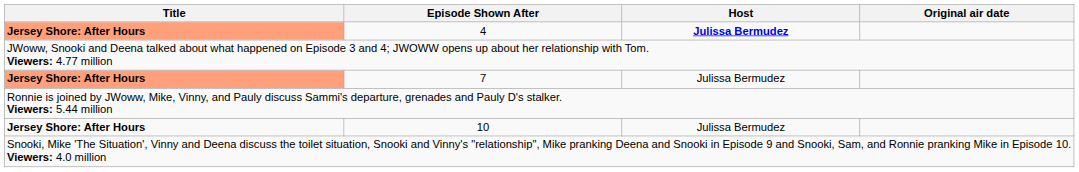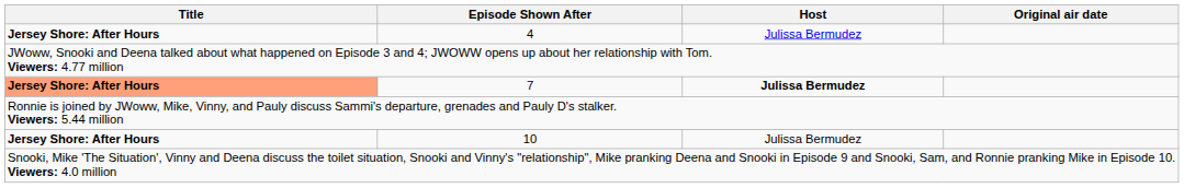 <table class="wikitable">
 <tr>
 <th>Title</th>
 <th>Episode Shown After</th>
 <th>Host</th>
 <th>Original air date</th>
 </tr>
 <tr>
-<td style="background: lightsalmon;"><strong>Jersey Shore: After Hours</strong></td>
+<td><strong>Jersey Shore: After Hours</strong></td>
 <td style="text-align:center;">4</td>
-<td style="text-align:center;"><strong><a href='#'>Julissa Bermudez</a></strong></td>
+<td style="text-align:center;"><a href='#'>Julissa Bermudez</a></td>
 <td style="text-align:center;"></td>
 </tr>
 <tr>
 <td colspan="4">JWoww, Snooki and Deena talked about what happened on Episode 3 and 4; JWOWW opens up about her relationship with Tom.<br><strong>Viewers:</strong> 4.77 million</td>
 </tr>
 <tr>
 <td style="background: lightsalmon;"><strong>Jersey Shore: After Hours</strong></td>
 <td style="text-align:center;">7</td>
-<td style="text-align:center;">Julissa Bermudez</td>
+<td style="text-align:center;"><strong>Julissa Bermudez</strong></td>
 <td style="text-align:center;"></td>
 </tr>
 <tr>
 <td colspan="4">Ronnie is joined by JWoww, Mike, Vinny, and Pauly discuss Sammi's departure, grenades and Pauly D's stalker.<br><strong>Viewers:</strong> 5.44 million</td>
 </tr>
 <tr>
 <td><strong>Jersey Shore: After Hours</strong></td>
 <td style="text-align:center;">10</td>
 <td style="text-align:center;">Julissa Bermudez</td>
 <td style="text-align:center;"></td>
 </tr>
 <tr>
 <td colspan="4">Snooki, Mike 'The Situation', Vinny and Deena discuss the toilet situation, Snooki and Vinny's "relationship", Mike pranking Deena and Snooki in Episode 9 and Snooki, Sam, and Ronnie pranking Mike in Episode 10.<br><strong>Viewers:</strong> 4.0 million</td>
 </tr>
 </table>
